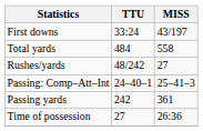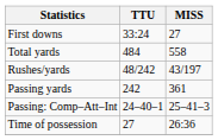 <table class="wikitable" style="float: left;">
 <tr>
 <th>Statistics</th>
 <th>TTU</th>
 <th>MISS</th>
 </tr>
 <tr>
 <td>First downs</td>
 <td>33:24</td>
-<td>43/197</td>
+<td>27</td>
 </tr>
 <tr>
 <td>Total yards</td>
 <td>484</td>
 <td>558</td>
 </tr>
 <tr>
 <td>Rushes/yards</td>
 <td>48/242</td>
-<td>27</td>
+<td>43/197</td>
+</tr>
+<tr>
+<td>Passing yards</td>
+<td>242</td>
+<td>361</td>
 </tr>
 <tr>
 <td>Passing: Comp–Att–Int</td>
 <td>24–40–1</td>
 <td>25–41–3</td>
-</tr>
-<tr>
-<td>Passing yards</td>
-<td>242</td>
-<td>361</td>
 </tr>
 <tr>
 <td>Time of possession</td>
 <td>27</td>
 <td>26:36</td>
 </tr>
 <tr>
 </tr>
 </table>
